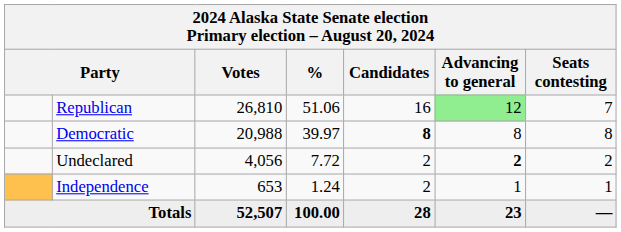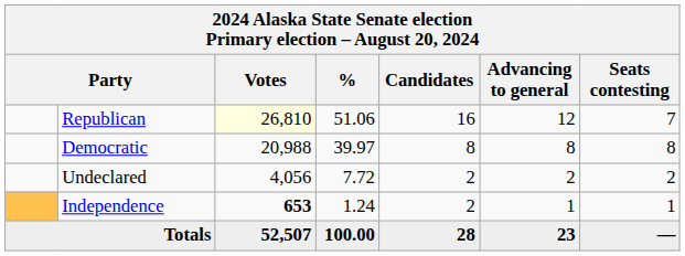 <table class="wikitable">
 <tr>
 <th colspan="7">2024 Alaska State Senate election<br>Primary election – August 20, 2024</th>
 </tr>
 <tr bgcolor="#EEEEEE" align="center">
 <th colspan=2 style="width: 11em">Party</th>
 <th style="width: 5em">Votes</th>
 <th style="width: 3em">%</th>
 <th style="width: 5em">Candidates</th>
 <th style="width: 5em">Advancing to general</th>
 <th style="width: 5em">Seats contesting</th>
 </tr>
 <tr>
 <td style="background:"></td>
 <td style="width: 130px"><a href='#'>Republican</a></td>
-<td align="right">26,810</td>
+<td align="right" style="background: lightyellow;">26,810</td>
 <td align="right">51.06</td>
 <td align="right">16</td>
-<td align="right" style="background: lightgreen;">12</td>
+<td align="right">12</td>
 <td align="right">7</td>
 </tr>
 <tr>
 <td style="background:"></td>
 <td style="width: 130px"><a href='#'>Democratic</a></td>
 <td align="right">20,988</td>
 <td align="right">39.97</td>
-<td align="right"><strong>8</strong></td>
+<td align="right">8</td>
 <td align="right">8</td>
 <td align="right">8</td>
 </tr>
 <tr>
 <td style="background:"></td>
 <td style="width: 130px">Undeclared</td>
 <td align="right">4,056</td>
 <td align="right">7.72</td>
 <td align="right">2</td>
-<td align="right"><strong>2</strong></td>
+<td align="right">2</td>
 <td align="right">2</td>
 </tr>
 <tr>
 <td style="background:#FFC14E;"></td>
 <td style="width: 130px"><a href='#'>Independence</a></td>
-<td align="right">653</td>
+<td align="right"><strong>653</strong></td>
 <td align="right">1.24</td>
 <td align="right">2</td>
 <td align="right">1</td>
 <td align="right">1</td>
 </tr>
 <tr bgcolor="#EEEEEE">
 <td colspan="2" align="right"><strong>Totals</strong></td>
 <td align="right"><strong>52,507</strong></td>
 <td align="right"><strong>100.00</strong></td>
 <td align="right"><strong>28</strong></td>
 <td align="right"><strong>23</strong></td>
 <td align="right"><strong>—</strong></td>
 </tr>
 </table>
